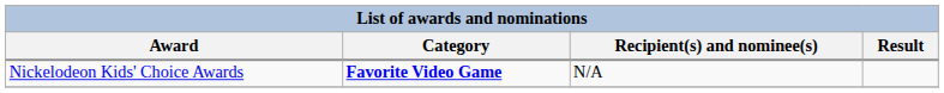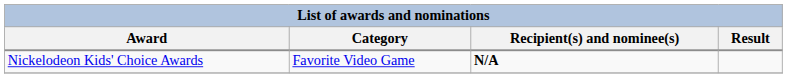 <table class="wikitable sortable" width="99%">
 <tr style="background:#ccc; vertical-align:bottom;">
 <th colspan="6" style="background: LightSteelBlue;">List of awards and nominations</th>
 </tr>
 <tr style="background:#ccc; text-align:center;">
 <th>Award</th>
 <th>Category</th>
 <th>Recipient(s) and nominee(s)</th>
 <th>Result</th>
 </tr>
 <tr style="border-top:2px solid gray;">
 </tr>
 <tr>
 <td><a href='#'>Nickelodeon Kids' Choice Awards</a></td>
-<td><strong><a href='#'>Favorite Video Game</a></strong></td>
-<td>N/A</td>
+<td><a href='#'>Favorite Video Game</a></td>
+<td><strong>N/A</strong></td>
 <td></td>
 </tr>
 <tr>
 </tr>
 </table>
